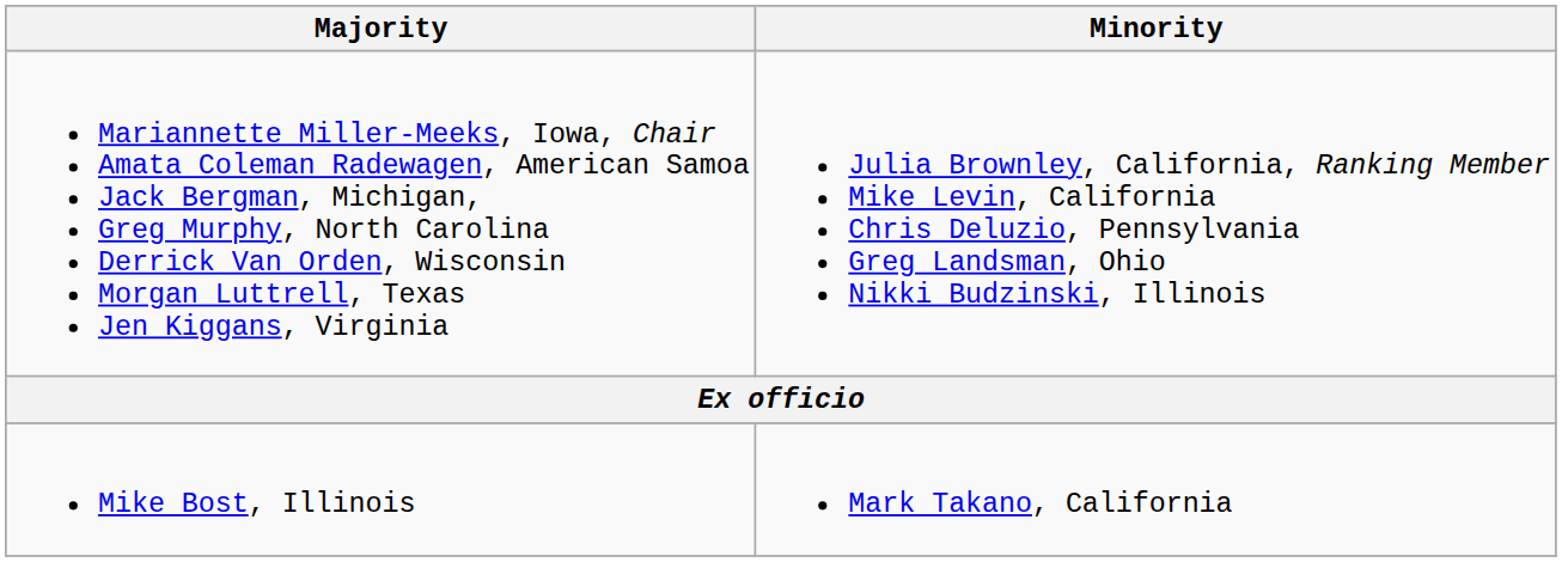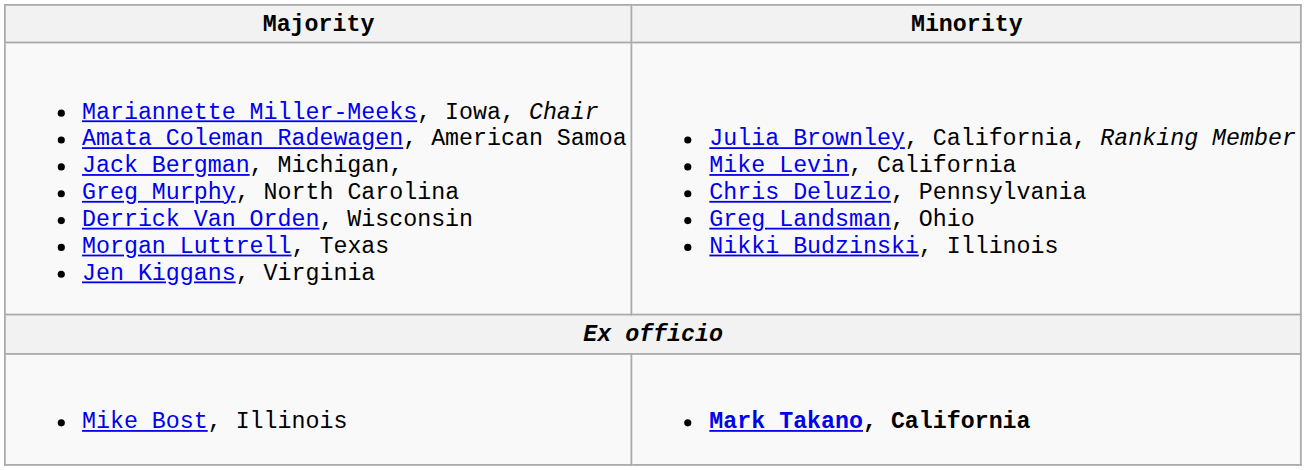 <table class=wikitable>
 <tr>
 <th>Majority</th>
 <th>Minority</th>
 </tr>
 <tr>
 <td><br><ul><li><a href='#'>Mariannette Miller-Meeks</a>, Iowa, <em>Chair</em></li><li><a href='#'>Amata Coleman Radewagen</a>, American Samoa</li><li><a href='#'>Jack Bergman</a>, Michigan,</li><li><a href='#'>Greg Murphy</a>, North Carolina</li><li><a href='#'>Derrick Van Orden</a>, Wisconsin</li><li><a href='#'>Morgan Luttrell</a>, Texas</li><li><a href='#'>Jen Kiggans</a>, Virginia</li></ul></td>
 <td><br><ul><li><a href='#'>Julia Brownley</a>, California, <em>Ranking Member</em></li><li><a href='#'>Mike Levin</a>, California</li><li><a href='#'>Chris Deluzio</a>, Pennsylvania</li><li><a href='#'>Greg Landsman</a>, Ohio</li><li><a href='#'>Nikki Budzinski</a>, Illinois</li></ul></td>
 </tr>
 <tr>
 <th colspan=2><em>Ex officio</em></th>
 </tr>
 <tr>
 <td><br><ul><li><a href='#'>Mike Bost</a>, Illinois</li></ul></td>
-<td><br><ul><li><a href='#'>Mark Takano</a>, California</li></ul></td>
+<td><strong><br><ul><li><a href='#'>Mark Takano</a>, California</li></ul></strong></td>
 </tr>
 </table>
